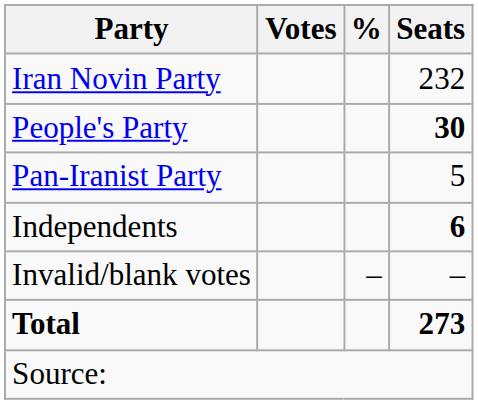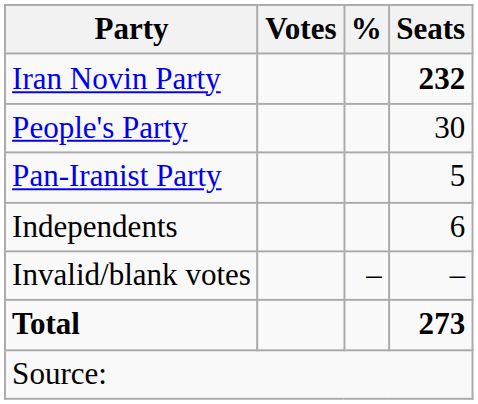 <table class=wikitable style=text-align:right>
 <tr>
 <th>Party</th>
 <th>Votes</th>
 <th>%</th>
 <th>Seats</th>
 </tr>
 <tr>
 <td align=left><a href='#'>Iran Novin Party</a></td>
 <td></td>
 <td></td>
-<td>232</td>
+<td><strong>232</strong></td>
 </tr>
 <tr>
 <td align=left><a href='#'>People's Party</a></td>
 <td></td>
 <td></td>
-<td><strong>30</strong></td>
+<td>30</td>
 </tr>
 <tr>
 <td align=left><a href='#'>Pan-Iranist Party</a></td>
 <td></td>
 <td></td>
 <td>5</td>
 </tr>
 <tr>
 <td align=left>Independents</td>
 <td></td>
 <td></td>
-<td><strong>6</strong></td>
+<td>6</td>
 </tr>
 <tr>
 <td align=left>Invalid/blank votes</td>
 <td></td>
 <td>–</td>
 <td>–</td>
 </tr>
 <tr>
 <td align=left><strong>Total</strong></td>
 <td><strong> </strong></td>
 <td><strong> </strong></td>
 <td><strong>273</strong></td>
 </tr>
 <tr>
 <td colspan=5 align=left>Source: </td>
 </tr>
 </table>
